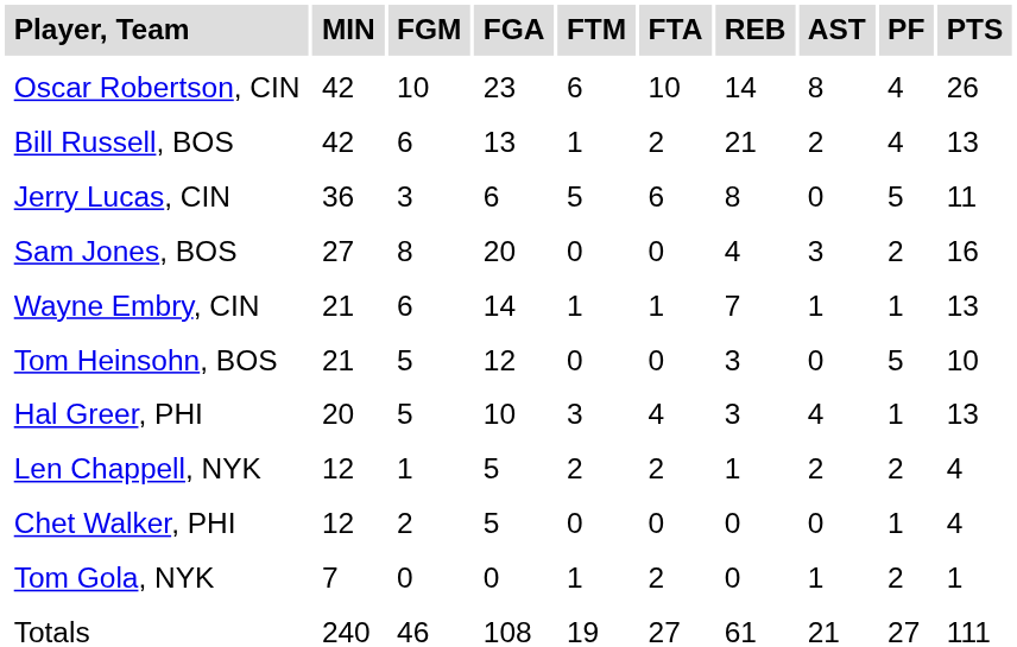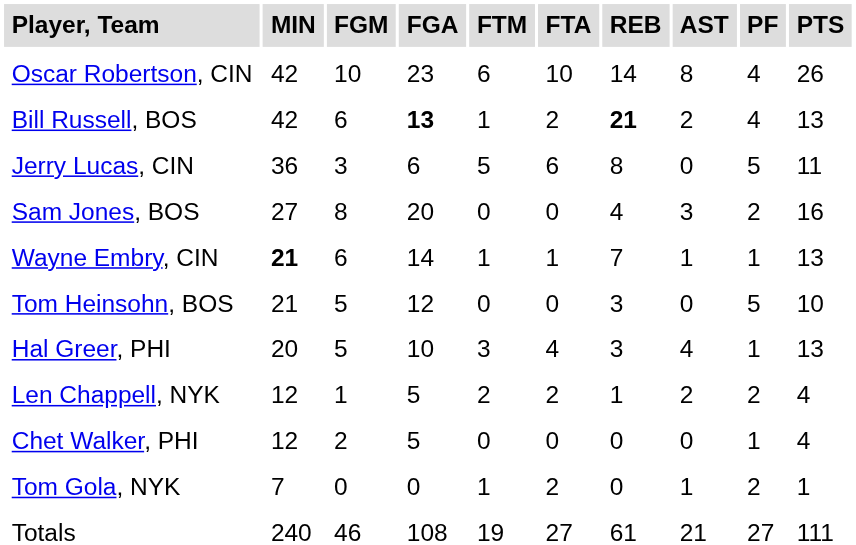 <table cellpadding=5>
 <tr bgcolor="#dddddd">
 <td><strong>Player, Team</strong></td>
 <td><strong>MIN</strong></td>
 <td><strong>FGM</strong></td>
 <td><strong>FGA</strong></td>
 <td><strong>FTM</strong></td>
 <td><strong>FTA</strong></td>
 <td><strong>REB</strong></td>
 <td><strong>AST</strong></td>
 <td><strong>PF</strong></td>
 <td><strong>PTS</strong></td>
 </tr>
 <tr bgcolor="#eeeeee">
 </tr>
 <tr>
 <td><a href='#'>Oscar Robertson</a>, CIN</td>
 <td>42</td>
 <td>10</td>
 <td>23</td>
 <td>6</td>
 <td>10</td>
 <td>14</td>
 <td>8</td>
 <td>4</td>
 <td>26</td>
 </tr>
 <tr>
 <td><a href='#'>Bill Russell</a>, BOS</td>
 <td>42</td>
 <td>6</td>
-<td>13</td>
+<td><strong>13</strong></td>
 <td>1</td>
 <td>2</td>
-<td>21</td>
+<td><strong>21</strong></td>
 <td>2</td>
 <td>4</td>
 <td>13</td>
 </tr>
 <tr>
 <td><a href='#'>Jerry Lucas</a>, CIN</td>
 <td>36</td>
 <td>3</td>
 <td>6</td>
 <td>5</td>
 <td>6</td>
 <td>8</td>
 <td>0</td>
 <td>5</td>
 <td>11</td>
 </tr>
 <tr>
 <td><a href='#'>Sam Jones</a>, BOS</td>
 <td>27</td>
 <td>8</td>
 <td>20</td>
 <td>0</td>
 <td>0</td>
 <td>4</td>
 <td>3</td>
 <td>2</td>
 <td>16</td>
 </tr>
 <tr>
 <td><a href='#'>Wayne Embry</a>, CIN</td>
-<td>21</td>
+<td><strong>21</strong></td>
 <td>6</td>
 <td>14</td>
 <td>1</td>
 <td>1</td>
 <td>7</td>
 <td>1</td>
 <td>1</td>
 <td>13</td>
 </tr>
 <tr>
 <td><a href='#'>Tom Heinsohn</a>, BOS</td>
 <td>21</td>
 <td>5</td>
 <td>12</td>
 <td>0</td>
 <td>0</td>
 <td>3</td>
 <td>0</td>
 <td>5</td>
 <td>10</td>
 </tr>
 <tr>
 <td><a href='#'>Hal Greer</a>, PHI</td>
 <td>20</td>
 <td>5</td>
 <td>10</td>
 <td>3</td>
 <td>4</td>
 <td>3</td>
 <td>4</td>
 <td>1</td>
 <td>13</td>
 </tr>
 <tr>
 <td><a href='#'>Len Chappell</a>, NYK</td>
 <td>12</td>
 <td>1</td>
 <td>5</td>
 <td>2</td>
 <td>2</td>
 <td>1</td>
 <td>2</td>
 <td>2</td>
 <td>4</td>
 </tr>
 <tr>
 <td><a href='#'>Chet Walker</a>, PHI</td>
 <td>12</td>
 <td>2</td>
 <td>5</td>
 <td>0</td>
 <td>0</td>
 <td>0</td>
 <td>0</td>
 <td>1</td>
 <td>4</td>
 </tr>
 <tr>
 <td><a href='#'>Tom Gola</a>, NYK</td>
 <td>7</td>
 <td>0</td>
 <td>0</td>
 <td>1</td>
 <td>2</td>
 <td>0</td>
 <td>1</td>
 <td>2</td>
 <td>1</td>
 </tr>
 <tr>
 <td>Totals</td>
 <td>240</td>
 <td>46</td>
 <td>108</td>
 <td>19</td>
 <td>27</td>
 <td>61</td>
 <td>21</td>
 <td>27</td>
 <td>111</td>
 </tr>
 <tr>
 </tr>
 </table>
